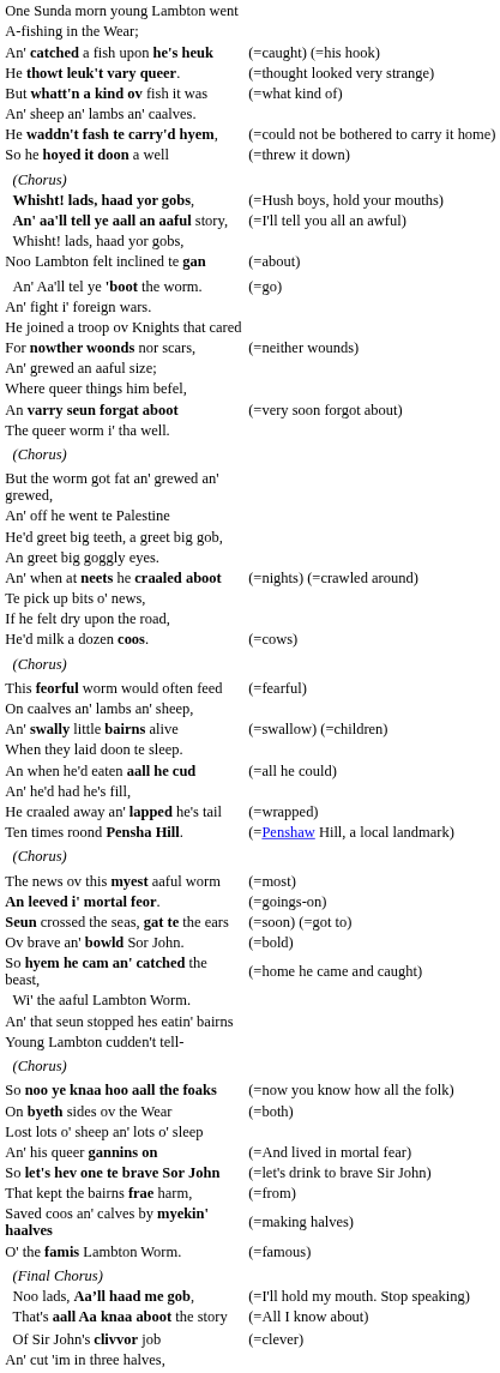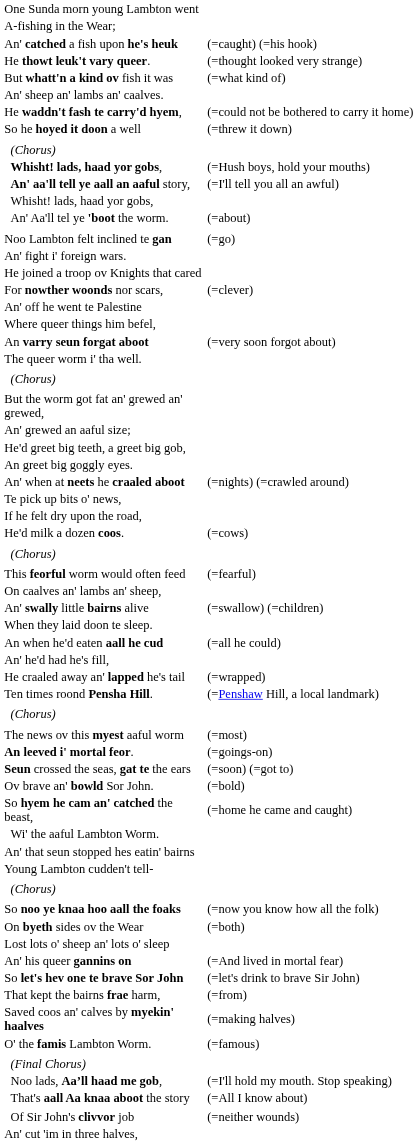 <table width="98%" |>
 <tr>
 <td valign="top" width="30%">One Sunda morn young Lambton went</td>
 </tr>
 <tr>
 <td>A-fishing in the Wear;</td>
 </tr>
 <tr>
 <td>An' <strong>catched</strong> a fish upon <strong>he's heuk</strong></td>
 <td>(=caught) (=his hook)</td>
 </tr>
 <tr>
 <td>He <strong>thowt leuk't vary queer</strong>.</td>
 <td>(=thought looked very strange)</td>
 </tr>
 <tr>
 <td>But <strong>whatt'n a kind ov</strong> fish it was</td>
 <td>(=what kind of)</td>
 </tr>
 <tr>
 <td>An' sheep an' lambs an' caalves.</td>
 </tr>
 <tr>
 <td>He <strong>waddn't fash te carry'd hyem</strong>,</td>
 <td>(=could not be bothered to carry it home)</td>
 </tr>
 <tr>
 <td>So he <strong>hoyed it doon</strong> a well</td>
 <td>(=threw it down)</td>
 </tr>
 <tr>
 <td></td>
 </tr>
 <tr>
 <td>  <em>(Chorus)</em></td>
 </tr>
 <tr>
 <td>  <strong>Whisht! lads, haad yor gobs</strong>,</td>
 <td>(=Hush boys, hold your mouths)</td>
 </tr>
 <tr>
 <td>  <strong>An' aa'll tell ye aall an aaful</strong> story,</td>
 <td>(=I'll tell you all an awful)</td>
 </tr>
 <tr>
 <td>  Whisht! lads, haad yor gobs,</td>
 </tr>
 <tr>
-<td>Noo Lambton felt inclined te <strong>gan</strong></td>
+<td>  An' Aa'll tel ye <strong>'boot</strong> the worm.</td>
 <td>(=about)</td>
 </tr>
 <tr>
 <td></td>
 </tr>
 <tr>
-<td>  An' Aa'll tel ye <strong>'boot</strong> the worm.</td>
+<td>Noo Lambton felt inclined te <strong>gan</strong></td>
 <td>(=go)</td>
 </tr>
 <tr>
 <td>An' fight i' foreign wars.</td>
 </tr>
 <tr>
 <td>He joined a troop ov Knights that cared</td>
 </tr>
 <tr>
 <td>For <strong>nowther woonds</strong> nor scars,</td>
-<td>(=neither wounds)</td>
+<td>(=clever)</td>
 </tr>
 <tr>
-<td>An' grewed an aaful size;</td>
+<td>An' off he went te Palestine</td>
 </tr>
 <tr>
 <td>Where queer things him befel,</td>
 </tr>
 <tr>
 <td>An <strong>varry seun forgat aboot</strong></td>
 <td>(=very soon forgot about)</td>
 </tr>
 <tr>
 <td>The queer worm i' tha well.</td>
 </tr>
 <tr>
 <td></td>
 </tr>
 <tr>
 <td>  <em>(Chorus)</em></td>
 </tr>
 <tr>
 <td></td>
 </tr>
 <tr>
 <td>But the worm got fat an' grewed an' grewed,</td>
 </tr>
 <tr>
-<td>An' off he went te Palestine</td>
+<td>An' grewed an aaful size;</td>
 </tr>
 <tr>
 <td>He'd greet big teeth, a greet big gob,</td>
 </tr>
 <tr>
 <td>An greet big goggly eyes.</td>
 </tr>
 <tr>
 <td>An' when at <strong>neets</strong> he <strong>craaled aboot</strong></td>
 <td>(=nights) (=crawled around)</td>
 </tr>
 <tr>
 <td>Te pick up bits o' news,</td>
 </tr>
 <tr>
 <td>If he felt dry upon the road,</td>
 </tr>
 <tr>
 <td>He'd milk a dozen <strong>coos</strong>.</td>
 <td>(=cows)</td>
 </tr>
 <tr>
 <td></td>
 </tr>
 <tr>
 <td>  <em>(Chorus)</em></td>
 </tr>
 <tr>
 <td></td>
 </tr>
 <tr>
 <td>This <strong>feorful</strong> worm would often feed</td>
 <td>(=fearful)</td>
 </tr>
 <tr>
 <td>On caalves an' lambs an' sheep,</td>
 </tr>
 <tr>
 <td>An' <strong>swally</strong> little <strong>bairns</strong> alive</td>
 <td>(=swallow) (=children)</td>
 </tr>
 <tr>
 <td>When they laid doon te sleep.</td>
 </tr>
 <tr>
 <td>An when he'd eaten <strong>aall he cud</strong></td>
 <td>(=all he could)</td>
 </tr>
 <tr>
 <td>An' he'd had he's fill,</td>
 </tr>
 <tr>
 <td>He craaled away an' <strong>lapped</strong> he's tail</td>
 <td>(=wrapped)</td>
 </tr>
 <tr>
 <td>Ten times roond <strong>Pensha Hill</strong>.</td>
 <td>(=<a href='#'>Penshaw</a> Hill, a local landmark)</td>
 </tr>
 <tr>
 <td></td>
 </tr>
 <tr>
 <td>  <em>(Chorus)</em></td>
 </tr>
 <tr>
 <td></td>
 </tr>
 <tr>
 <td>The news ov this <strong>myest</strong> aaful worm</td>
 <td>(=most)</td>
 </tr>
 <tr>
 <td><strong>An leeved i' mortal feor</strong>.</td>
 <td>(=goings-on)</td>
 </tr>
 <tr>
 <td><strong>Seun</strong> crossed the seas, <strong>gat te</strong> the ears</td>
 <td>(=soon) (=got to)</td>
 </tr>
 <tr>
 <td>Ov brave an' <strong>bowld</strong> Sor John.</td>
 <td>(=bold)</td>
 </tr>
 <tr>
 <td>So <strong>hyem he cam an' catched</strong> the beast,</td>
 <td>(=home he came and caught)</td>
 </tr>
 <tr>
 <td>  Wi' the aaful Lambton Worm.</td>
 <td></td>
 </tr>
 <tr>
 <td>An' that seun stopped hes eatin' bairns</td>
 </tr>
 <tr>
 <td>Young Lambton cudden't tell-</td>
 </tr>
 <tr>
 <td></td>
 </tr>
 <tr>
 <td>  <em>(Chorus)</em></td>
 </tr>
 <tr>
 <td></td>
 </tr>
 <tr>
 <td>So <strong>noo ye knaa hoo aall the foaks</strong></td>
 <td>(=now you know how all the folk)</td>
 </tr>
 <tr>
 <td>On <strong>byeth</strong> sides ov the Wear</td>
 <td>(=both)</td>
 </tr>
 <tr>
 <td>Lost lots o' sheep an' lots o' sleep</td>
 </tr>
 <tr>
 <td>An' his queer <strong>gannins on</strong></td>
 <td>(=And lived in mortal fear)</td>
 </tr>
 <tr>
 <td>So <strong>let's hev one te brave Sor John</strong></td>
 <td>(=let's drink to brave Sir John)</td>
 </tr>
 <tr>
 <td>That kept the bairns <strong>frae</strong> harm,</td>
 <td>(=from)</td>
 </tr>
 <tr>
 <td>Saved coos an' calves by <strong>myekin' haalves</strong></td>
 <td>(=making halves)</td>
 </tr>
 <tr>
 <td>O' the <strong>famis</strong> Lambton Worm.</td>
 <td>(=famous)</td>
 </tr>
 <tr>
 <td></td>
 </tr>
 <tr>
 <td>  <em>(Final Chorus)</em></td>
 </tr>
 <tr>
 <td>  Noo lads, <strong>Aa’ll haad me gob</strong>,</td>
 <td>(=I'll hold my mouth. Stop speaking)</td>
 </tr>
 <tr>
 <td>  That's <strong>aall Aa knaa aboot</strong> the story</td>
 <td>(=All I know about)</td>
 </tr>
 <tr>
 </tr>
 <tr>
 <td>  Of Sir John's <strong>clivvor</strong> job</td>
-<td>(=clever)</td>
+<td>(=neither wounds)</td>
 </tr>
 <tr>
 <td>An' cut 'im in three halves,</td>
 </tr>
 </table>
